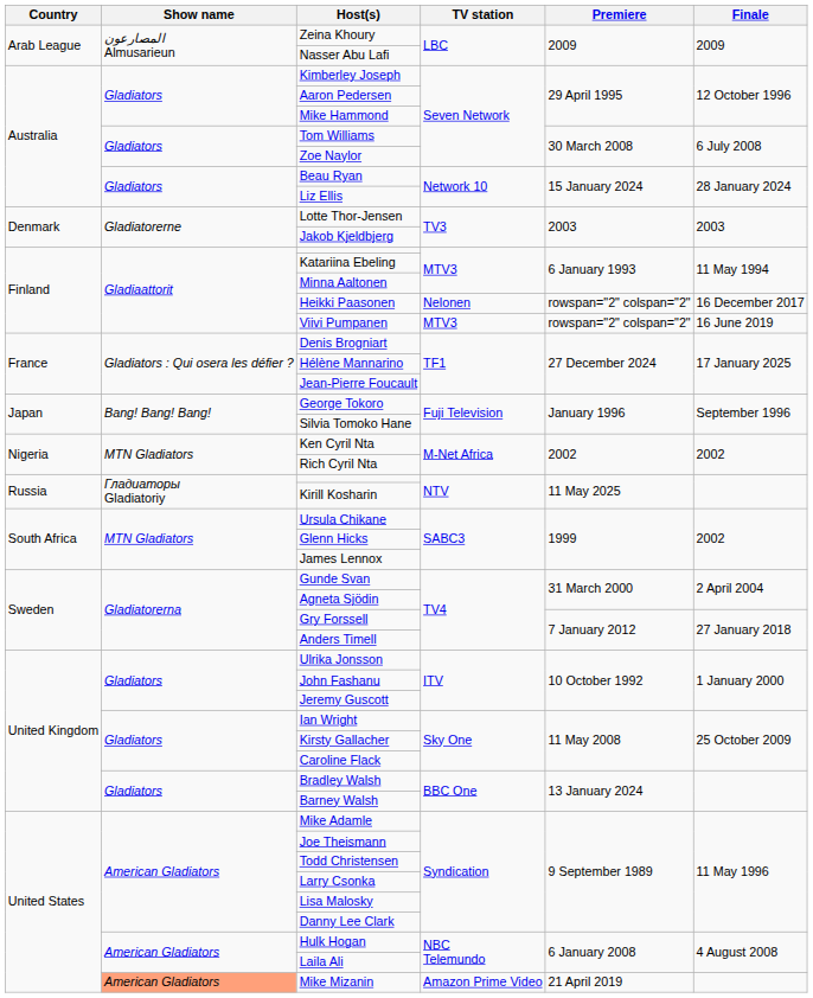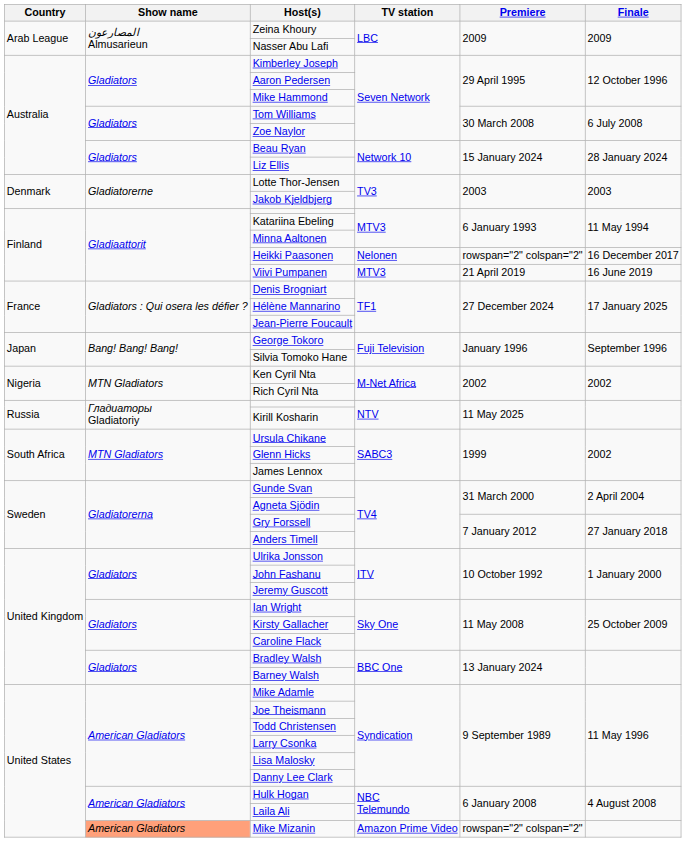 <table class="wikitable">
 <tr>
 <th>Country</th>
 <th>Show name</th>
 <th>Host(s)</th>
 <th>TV station</th>
 <th><a href='#'>Premiere</a></th>
 <th><a href='#'>Finale</a></th>
 </tr>
 <tr>
 <td rowspan=2>Arab League</td>
 <td rowspan=2><em>المصارعون</em><br>Almusarieun</td>
 <td>Zeina Khoury</td>
 <td rowspan=2><a href='#'>LBC</a></td>
 <td rowspan=2>2009</td>
 <td rowspan=2>2009</td>
 </tr>
 <tr>
 <td>Nasser Abu Lafi</td>
 </tr>
 <tr>
 <td rowspan=7>Australia</td>
 <td rowspan=3><a href='#'><em>Gladiators</em></a></td>
 <td><a href='#'>Kimberley Joseph</a></td>
 <td rowspan=5><a href='#'>Seven Network</a></td>
 <td rowspan=3>29 April 1995</td>
 <td rowspan=3>12 October 1996</td>
 </tr>
 <tr>
 <td><a href='#'>Aaron Pedersen</a></td>
 </tr>
 <tr>
 <td><a href='#'>Mike Hammond</a></td>
 </tr>
 <tr>
 <td rowspan=2><a href='#'><em>Gladiators</em></a></td>
 <td><a href='#'>Tom Williams</a></td>
 <td rowspan=2>30 March 2008</td>
 <td rowspan=2>6 July 2008</td>
 </tr>
 <tr>
 <td><a href='#'>Zoe Naylor</a></td>
 </tr>
 <tr>
 <td rowspan=2><a href='#'><em>Gladiators</em></a></td>
 <td><a href='#'>Beau Ryan</a></td>
 <td rowspan=2><a href='#'>Network 10</a></td>
 <td rowspan=2>15 January 2024</td>
 <td rowspan=2>28 January 2024</td>
 </tr>
 <tr>
 <td><a href='#'>Liz Ellis</a></td>
 </tr>
 <tr>
 <td rowspan=2>Denmark</td>
 <td rowspan=2><em>Gladiatorerne</em></td>
 <td>Lotte Thor-Jensen</td>
 <td rowspan=2><a href='#'>TV3</a></td>
 <td rowspan=2>2003</td>
 <td rowspan=2>2003</td>
 </tr>
 <tr>
 <td><a href='#'>Jakob Kjeldbjerg</a></td>
 </tr>
 <tr>
 <td rowspan=5>Finland</td>
 <td rowspan=5><em><a href='#'>Gladiaattorit</a></em></td>
 <td></td>
 <td rowspan=3><a href='#'>MTV3</a></td>
 <td rowspan=3>6 January 1993</td>
 <td rowspan=3>11 May 1994</td>
 </tr>
 <tr>
 <td>Katariina Ebeling</td>
 </tr>
 <tr>
 <td><a href='#'>Minna Aaltonen</a></td>
 </tr>
 <tr>
 <td><a href='#'>Heikki Paasonen</a></td>
 <td><a href='#'>Nelonen</a></td>
 <td>rowspan="2" colspan="2" </td>
 <td>16 December 2017</td>
 </tr>
 <tr>
 <td><a href='#'>Viivi Pumpanen</a></td>
 <td><a href='#'>MTV3</a></td>
-<td>rowspan="2" colspan="2" </td>
+<td>21 April 2019</td>
 <td>16 June 2019</td>
 </tr>
 <tr>
 <td rowspan=3>France</td>
 <td rowspan=3><em>Gladiators : Qui osera les défier ?</em></td>
 <td><a href='#'>Denis Brogniart</a></td>
 <td rowspan=3><a href='#'>TF1</a></td>
 <td rowspan="3">27 December 2024</td>
 <td rowspan="3">17 January 2025</td>
 </tr>
 <tr>
 <td><a href='#'>Hélène Mannarino</a></td>
 </tr>
 <tr>
 <td><a href='#'>Jean-Pierre Foucault</a></td>
 </tr>
 <tr>
 <td rowspan=2>Japan</td>
 <td rowspan=2><em>Bang! Bang! Bang!</em></td>
 <td><a href='#'>George Tokoro</a></td>
 <td rowspan=2><a href='#'>Fuji Television</a></td>
 <td rowspan=2>January 1996</td>
 <td rowspan=2>September 1996</td>
 </tr>
 <tr>
 <td>Silvia Tomoko Hane</td>
 </tr>
 <tr>
 <td rowspan=2>Nigeria</td>
 <td rowspan=2><em>MTN Gladiators</em></td>
 <td>Ken Cyril Nta</td>
 <td rowspan=2><a href='#'>M-Net Africa</a></td>
 <td rowspan=2>2002</td>
 <td rowspan=2>2002</td>
 </tr>
 <tr>
 <td>Rich Cyril Nta</td>
 </tr>
 <tr>
 <td rowspan="2">Russia</td>
 <td rowspan="2"><em>Гладиаторы</em><br>Gladiatoriy</td>
 <td></td>
 <td rowspan="2"><a href='#'>NTV</a></td>
 <td rowspan="2">11 May 2025</td>
 <td rowspan="2"></td>
 </tr>
 <tr>
 <td>Kirill Kosharin</td>
 </tr>
 <tr>
 <td rowspan=3>South Africa</td>
 <td rowspan=3><em><a href='#'>MTN Gladiators</a></em></td>
 <td><a href='#'>Ursula Chikane</a></td>
 <td rowspan=3><a href='#'>SABC3</a></td>
 <td rowspan=3>1999</td>
 <td rowspan=3>2002</td>
 </tr>
 <tr>
 <td><a href='#'>Glenn Hicks</a></td>
 </tr>
 <tr>
 <td>James Lennox</td>
 </tr>
 <tr>
 <td rowspan=4>Sweden</td>
 <td rowspan=4><em><a href='#'>Gladiatorerna</a></em></td>
 <td><a href='#'>Gunde Svan</a></td>
 <td rowspan=4><a href='#'>TV4</a></td>
 <td rowspan=2>31 March 2000</td>
 <td rowspan=2>2 April 2004</td>
 </tr>
 <tr>
 <td><a href='#'>Agneta Sjödin</a></td>
 </tr>
 <tr>
 <td><a href='#'>Gry Forssell</a></td>
 <td rowspan=2>7 January 2012</td>
 <td rowspan=2>27 January 2018</td>
 </tr>
 <tr>
 <td><a href='#'>Anders Timell</a></td>
 </tr>
 <tr>
 <td rowspan=8>United Kingdom</td>
 <td rowspan=3><a href='#'><em>Gladiators</em></a></td>
 <td><a href='#'>Ulrika Jonsson</a></td>
 <td rowspan=3><a href='#'>ITV</a></td>
 <td rowspan=3>10 October 1992</td>
 <td rowspan=3>1 January 2000</td>
 </tr>
 <tr>
 <td><a href='#'>John Fashanu</a></td>
 </tr>
 <tr>
 <td><a href='#'>Jeremy Guscott</a></td>
 </tr>
 <tr>
 <td rowspan=3><a href='#'><em>Gladiators</em></a></td>
 <td><a href='#'>Ian Wright</a></td>
 <td rowspan=3><a href='#'>Sky One</a></td>
 <td rowspan=3>11 May 2008</td>
 <td rowspan=3>25 October 2009</td>
 </tr>
 <tr>
 <td><a href='#'>Kirsty Gallacher</a></td>
 </tr>
 <tr>
 <td><a href='#'>Caroline Flack</a></td>
 </tr>
 <tr>
 <td rowspan=2><a href='#'><em>Gladiators</em></a></td>
 <td><a href='#'>Bradley Walsh</a></td>
 <td rowspan=2><a href='#'>BBC One</a></td>
 <td rowspan=2>13 January 2024</td>
 <td rowspan=2></td>
 </tr>
 <tr>
 <td><a href='#'>Barney Walsh</a></td>
 </tr>
 <tr>
 <td rowspan="9">United States</td>
 <td rowspan=6><em><a href='#'>American Gladiators</a></em></td>
 <td><a href='#'>Mike Adamle</a></td>
 <td rowspan=6><a href='#'>Syndication</a></td>
 <td rowspan=6>9 September 1989</td>
 <td rowspan=6>11 May 1996</td>
 </tr>
 <tr>
 <td><a href='#'>Joe Theismann</a></td>
 </tr>
 <tr>
 <td><a href='#'>Todd Christensen</a></td>
 </tr>
 <tr>
 <td><a href='#'>Larry Csonka</a></td>
 </tr>
 <tr>
 <td><a href='#'>Lisa Malosky</a></td>
 </tr>
 <tr>
 <td><a href='#'>Danny Lee Clark</a></td>
 </tr>
 <tr>
 <td rowspan=2><a href='#'><em>American Gladiators</em></a></td>
 <td><a href='#'>Hulk Hogan</a></td>
 <td rowspan=2><a href='#'>NBC</a><br><a href='#'>Telemundo</a></td>
 <td rowspan=2>6 January 2008</td>
 <td rowspan=2>4 August 2008</td>
 </tr>
 <tr>
 <td><a href='#'>Laila Ali</a></td>
 </tr>
 <tr>
 <td style="background: lightsalmon;"><em>American Gladiators</em></td>
 <td><a href='#'>Mike Mizanin</a></td>
 <td><a href='#'>Amazon Prime Video</a></td>
-<td>21 April 2019</td>
+<td>rowspan="2" colspan="2" </td>
 </tr>
 </table>
